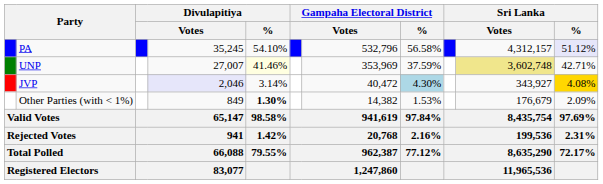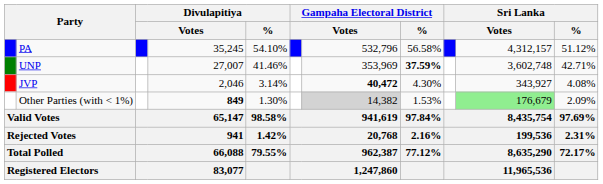 <table class="wikitable">
 <tr>
 <th colspan="2" width="144px"rowspan="2">Party</th>
 <th colspan="3" width="216px">Divulapitiya</th>
 <th colspan="3" width="216px"><a href='#'>Gampaha Electoral District</a></th>
 <th colspan="3" width="216px">Sri Lanka</th>
 </tr>
 <tr>
 <th colspan="2" width="144px">Votes</th>
 <th>%</th>
 <th colspan="2" width="144px">Votes</th>
 <th>%</th>
 <th colspan="2" width="144px">Votes</th>
 <th>%</th>
 </tr>
 <tr>
 <td style="background-color:blue;" width="10px"></td>
 <td style="text-align:left;"><a href='#'>PA</a></td>
 <td style="background-color:blue;" width="10px"></td>
 <td style="text-align:right;">35,245</td>
 <td style="text-align:right;">54.10%</td>
 <td style="background-color:blue;" width="10px"></td>
 <td style="text-align:right;">532,796</td>
 <td style="text-align:right;">56.58%</td>
 <td style="background-color:blue;" width="10px"></td>
 <td style="text-align:right;">4,312,157</td>
-<td style="background: lavender; text-align:right;">51.12%</td>
+<td style="text-align:right;">51.12%</td>
 </tr>
 <tr>
 <td style="background-color:green;" width="10px"></td>
 <td style="text-align:left;"><a href='#'>UNP</a></td>
 <td style="background-color:white;" width="10px"></td>
 <td style="text-align:right;">27,007</td>
-<td style="background: lightyellow; text-align:right;">41.46%</td>
+<td style="text-align:right;">41.46%</td>
 <td style="background-color:white;" width="10px"></td>
 <td style="text-align:right;">353,969</td>
-<td style="text-align:right;">37.59%</td>
+<td style="text-align:right;"><strong>37.59%</strong></td>
 <td style="background-color:white;" width="10px"></td>
-<td style="background: khaki; text-align:right;">3,602,748</td>
+<td style="text-align:right;">3,602,748</td>
 <td style="text-align:right;">42.71%</td>
 </tr>
 <tr>
 <td style="background-color:red;" width="10px"></td>
 <td style="text-align:left;"><a href='#'>JVP</a></td>
 <td style="background-color:white;" width="10px"></td>
-<td style="background: lavender; text-align:right;">2,046</td>
+<td style="text-align:right;">2,046</td>
 <td style="text-align:right;">3.14%</td>
 <td style="background-color:white;" width="10px"></td>
-<td style="text-align:right;">40,472</td>
-<td style="background: lightblue; text-align:right;">4.30%</td>
+<td style="text-align:right;"><strong>40,472</strong></td>
+<td style="text-align:right;">4.30%</td>
 <td style="background-color:white;" width="10px"></td>
 <td style="text-align:right;">343,927</td>
-<td style="background: gold; text-align:right;">4.08%</td>
+<td style="text-align:right;">4.08%</td>
 </tr>
 <tr>
 <td style="background-color:white;" width="10px"></td>
 <td style="text-align:left;">Other Parties (with < 1%)</td>
 <td style="background-color:white;" width="10px"></td>
-<td style="text-align:right;">849</td>
-<td style="text-align:right;"><strong>1.30%</strong></td>
+<td style="text-align:right;"><strong>849</strong></td>
+<td style="text-align:right;">1.30%</td>
 <td style="background-color:white;" width="10px"></td>
-<td style="text-align:right;">14,382</td>
+<td style="background: lightgrey; text-align:right;">14,382</td>
 <td style="text-align:right;">1.53%</td>
 <td style="background-color:white;" width="10px"></td>
-<td style="text-align:right;">176,679</td>
+<td style="background: lightgreen; text-align:right;">176,679</td>
 <td style="text-align:right;">2.09%</td>
 </tr>
 <tr>
 <th colspan="2" width="144px"style="text-align:left;">Valid Votes</th>
 <th style="text-align:right;"colspan="2" width="144px">65,147</th>
 <th style="text-align:right;">98.58%</th>
 <th style="text-align:right;"colspan="2" width="144px">941,619</th>
 <th style="text-align:right;">97.84%</th>
 <th style="text-align:right;"colspan="2" width="144px">8,435,754</th>
 <th style="text-align:right;">97.69%</th>
 </tr>
 <tr>
 <th colspan="2" width="144px"style="text-align:left;">Rejected Votes</th>
 <th style="text-align:right;"colspan="2" width="144px">941</th>
 <th style="text-align:right;">1.42%</th>
 <th style="text-align:right;"colspan="2" width="144px">20,768</th>
 <th style="text-align:right;">2.16%</th>
 <th style="text-align:right;"colspan="2" width="144px">199,536</th>
 <th style="text-align:right;">2.31%</th>
 </tr>
 <tr>
 <th colspan="2" width="144px"style="text-align:left;">Total Polled</th>
 <th style="text-align:right;"colspan="2" width="144px">66,088</th>
 <th style="text-align:right;">79.55%</th>
 <th style="text-align:right;"colspan="2" width="144px">962,387</th>
 <th style="text-align:right;">77.12%</th>
 <th style="text-align:right;"colspan="2" width="144px">8,635,290</th>
 <th style="text-align:right;">72.17%</th>
 </tr>
 <tr>
 <th colspan="2" width="144px"style="text-align:left;">Registered Electors</th>
 <th style="text-align:right;"colspan="2" width="144px">83,077</th>
 <th></th>
 <th style="text-align:right;"colspan="2" width="144px">1,247,860</th>
 <th></th>
 <th style="text-align:right;"colspan="2" width="144px">11,965,536</th>
 <th></th>
 </tr>
 </table>
